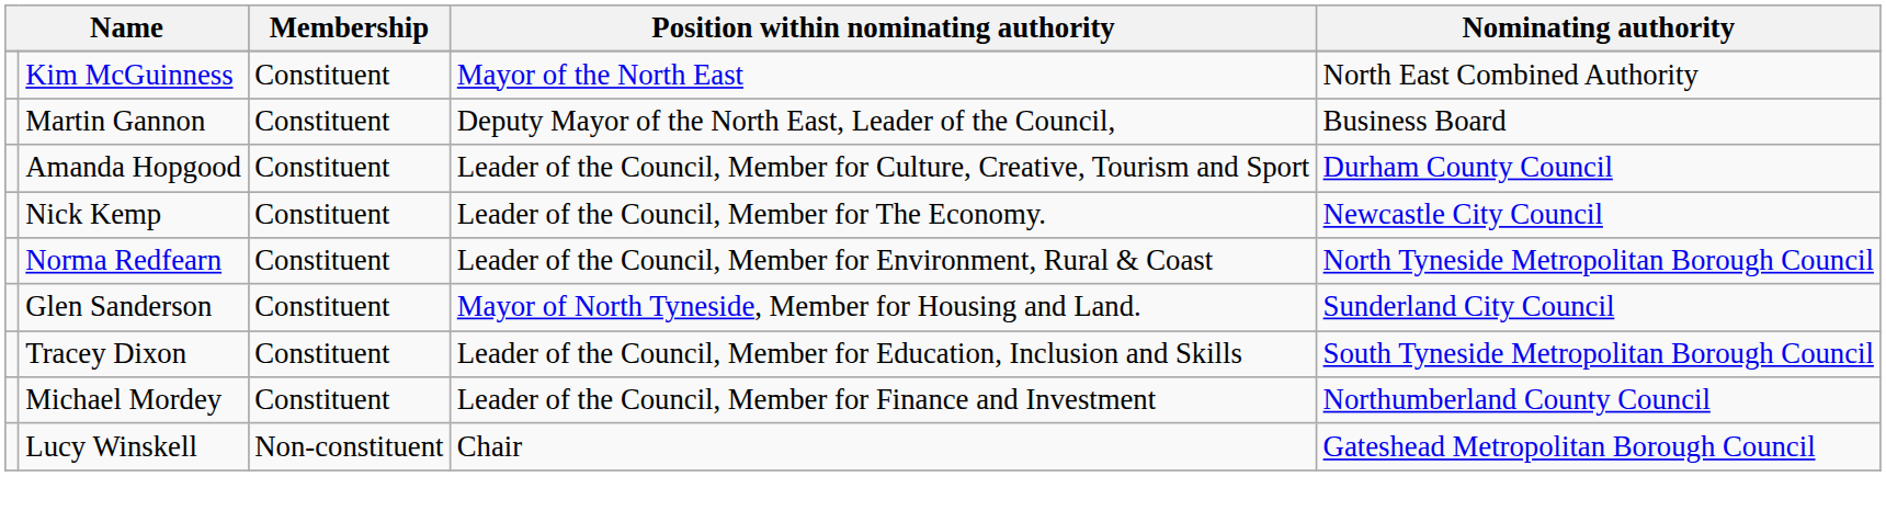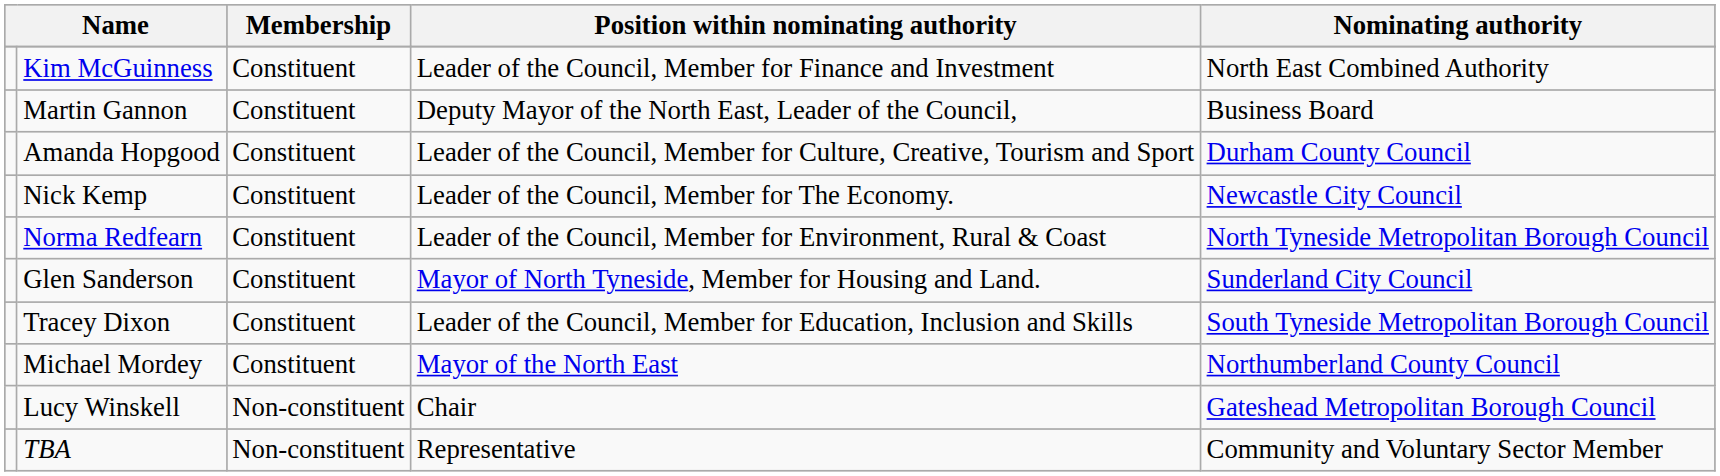 <table class="wikitable sortable">
 <tr>
 <th colspan=2>Name</th>
 <th>Membership</th>
 <th>Position within nominating authority</th>
 <th>Nominating authority</th>
 </tr>
 <tr>
 </tr>
 <tr>
 <td style="background:"></td>
 <td><a href='#'>Kim McGuinness</a></td>
 <td>Constituent</td>
-<td><a href='#'>Mayor of the North East</a></td>
+<td>Leader of the Council, Member for Finance and Investment</td>
 <td>North East Combined Authority</td>
 </tr>
 <tr>
 <td style="background:"></td>
 <td>Martin Gannon</td>
 <td>Constituent</td>
 <td>Deputy Mayor of the North East, Leader of the Council,</td>
 <td>Business Board</td>
 </tr>
 <tr>
 <td style="background:"></td>
 <td>Amanda Hopgood</td>
 <td>Constituent</td>
 <td>Leader of the Council, Member for Culture, Creative, Tourism and Sport</td>
 <td><a href='#'>Durham County Council</a></td>
 </tr>
 <tr>
 <td style="background:"></td>
 <td>Nick Kemp</td>
 <td>Constituent</td>
 <td>Leader of the Council, Member for The Economy.</td>
 <td><a href='#'>Newcastle City Council</a></td>
 </tr>
 <tr>
 <td style="background:"></td>
 <td><a href='#'>Norma Redfearn</a></td>
 <td>Constituent</td>
 <td>Leader of the Council, Member for Environment, Rural & Coast</td>
 <td><a href='#'>North Tyneside Metropolitan Borough Council</a></td>
 </tr>
 <tr>
 <td style="background:"></td>
 <td>Glen Sanderson</td>
 <td>Constituent</td>
 <td><a href='#'>Mayor of North Tyneside</a>, Member for Housing and Land.</td>
 <td><a href='#'>Sunderland City Council</a></td>
 </tr>
 <tr>
 <td style="background:"></td>
 <td>Tracey Dixon</td>
 <td>Constituent</td>
 <td>Leader of the Council, Member for Education, Inclusion and Skills</td>
 <td><a href='#'>South Tyneside Metropolitan Borough Council</a></td>
 </tr>
 <tr>
 <td style="background:"></td>
 <td>Michael Mordey</td>
 <td>Constituent</td>
-<td>Leader of the Council, Member for Finance and Investment</td>
+<td><a href='#'>Mayor of the North East</a></td>
 <td><a href='#'>Northumberland County Council</a></td>
 </tr>
 <tr>
 <td></td>
 <td>Lucy Winskell</td>
 <td>Non-constituent</td>
 <td>Chair</td>
 <td><a href='#'>Gateshead Metropolitan Borough Council</a></td>
 </tr>
+<tr>
+<td></td>
+<td><em>TBA</em></td>
+<td>Non-constituent</td>
+<td>Representative</td>
+<td>Community and Voluntary Sector Member</td>
+</tr>
 </table>
